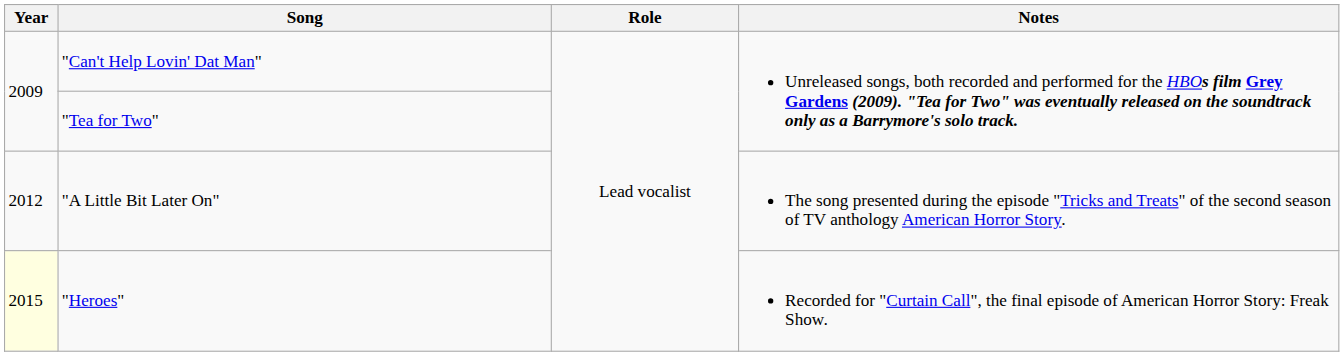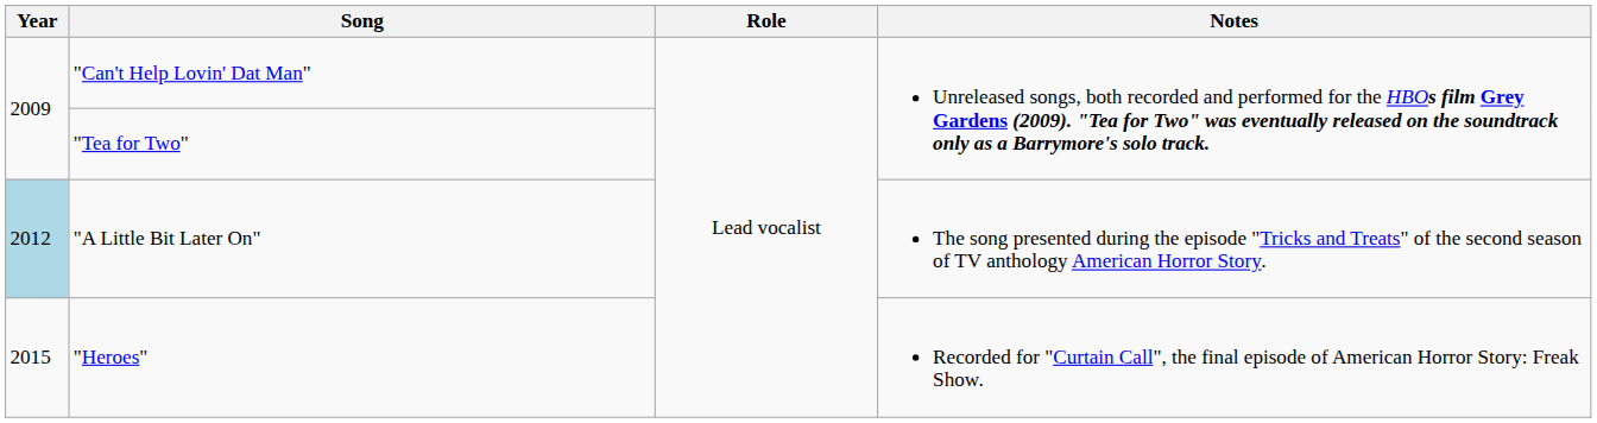 <table class="wikitable" style="text-align:left;">
 <tr>
 <th width=4%>Year</th>
 <th width=37%>Song</th>
 <th width=14%>Role</th>
 <th width=45%%>Notes</th>
 </tr>
 <tr>
 <td rowspan=2>2009</td>
 <td>"<a href='#'>Can't Help Lovin' Dat Man</a>"</td>
 <td align="center" rowspan=4>Lead vocalist</td>
 <td rowspan=2><br><ul><li>Unreleased songs, both recorded and performed for the <em><a href='#'>HBO</a><strong>s film </em><a href='#'>Grey Gardens</a><em> (2009). "Tea for Two" was eventually released on the soundtrack only as a Barrymore's solo track.</li></ul></td>
 </tr>
 <tr>
 <td>"<a href='#'>Tea for Two</a>" </td>
 </tr>
 <tr>
-<td>2012</td>
+<td style="background: lightblue;">2012</td>
 <td>"A Little Bit Later On"</td>
 <td><br><ul><li>The song presented during the episode "<a href='#'>Tricks and Treats</a>" of the second season of TV anthology </em><a href='#'>American Horror Story</a><em>.</li></ul></td>
 </tr>
 <tr>
-<td style="background: lightyellow;">2015</td>
+<td>2015</td>
 <td>"<a href='#'>Heroes</a>" </td>
 <td><br><ul><li>Recorded for "<a href='#'>Curtain Call</a>", the final episode of </em>American Horror Story: Freak Show<em>.</li></ul></td>
 </tr>
 </table>
